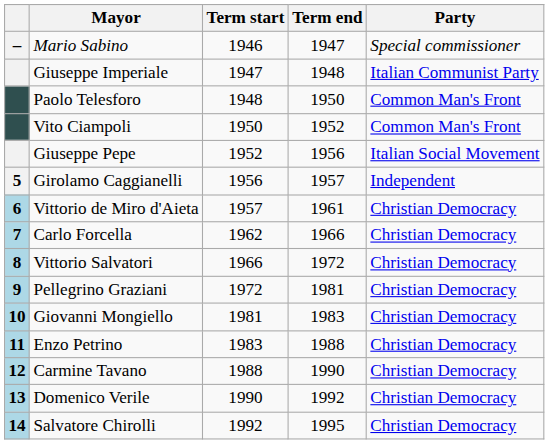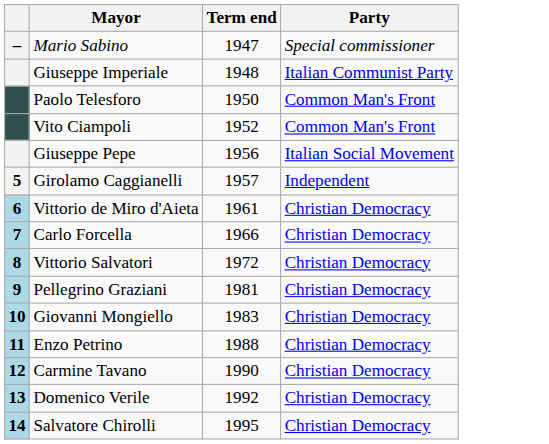 <table class="wikitable">
 <tr>
 <th class=unsortable> </th>
 <th>Mayor</th>
-<th>Term start</th>
 <th>Term end</th>
 <th>Party</th>
 </tr>
 <tr>
 <th style="background:">–</th>
 <td><em>Mario Sabino</em></td>
-<td align=center>1946</td>
 <td align=center>1947</td>
 <td><em>Special commissioner</em></td>
 </tr>
 <tr>
 <th style="background:"></th>
 <td>Giuseppe Imperiale</td>
-<td align=center>1947</td>
 <td align=center>1948</td>
 <td><a href='#'>Italian Communist Party</a></td>
 </tr>
 <tr>
 <th style="background:#2F4F4F;"></th>
 <td>Paolo Telesforo</td>
-<td align=center>1948</td>
 <td align=center>1950</td>
 <td><a href='#'>Common Man's Front</a></td>
 </tr>
 <tr>
 <th style="background:#2F4F4F;"></th>
 <td>Vito Ciampoli</td>
-<td align=center>1950</td>
 <td align=center>1952</td>
 <td><a href='#'>Common Man's Front</a></td>
 </tr>
 <tr>
 <th style="background:"></th>
 <td>Giuseppe Pepe</td>
-<td align=center>1952</td>
 <td align=center>1956</td>
 <td><a href='#'>Italian Social Movement</a></td>
 </tr>
 <tr>
 <th style="background:">5</th>
 <td>Girolamo Caggianelli</td>
-<td align=center>1956</td>
 <td align=center>1957</td>
 <td><a href='#'>Independent</a></td>
 </tr>
 <tr>
 <th style="background:#ADD8E6;">6</th>
 <td>Vittorio de Miro d'Aieta</td>
-<td align=center>1957</td>
 <td align=center>1961</td>
 <td><a href='#'>Christian Democracy</a></td>
 </tr>
 <tr>
 <th style="background:#ADD8E6;">7</th>
 <td>Carlo Forcella</td>
-<td align=center>1962</td>
 <td align=center>1966</td>
 <td><a href='#'>Christian Democracy</a></td>
 </tr>
 <tr>
 <th style="background:#ADD8E6;">8</th>
 <td>Vittorio Salvatori</td>
-<td align=center>1966</td>
 <td align=center>1972</td>
 <td><a href='#'>Christian Democracy</a></td>
 </tr>
 <tr>
 <th style="background:#ADD8E6;">9</th>
 <td>Pellegrino Graziani</td>
-<td align=center>1972</td>
 <td align=center>1981</td>
 <td><a href='#'>Christian Democracy</a></td>
 </tr>
 <tr>
 <th style="background:#ADD8E6;">10</th>
 <td>Giovanni Mongiello</td>
-<td align=center>1981</td>
 <td align=center>1983</td>
 <td><a href='#'>Christian Democracy</a></td>
 </tr>
 <tr>
 <th style="background:#ADD8E6;">11</th>
 <td>Enzo Petrino</td>
-<td align=center>1983</td>
 <td align=center>1988</td>
 <td><a href='#'>Christian Democracy</a></td>
 </tr>
 <tr>
 <th style="background:#ADD8E6;">12</th>
 <td>Carmine Tavano</td>
-<td align=center>1988</td>
 <td align=center>1990</td>
 <td><a href='#'>Christian Democracy</a></td>
 </tr>
 <tr>
 <th style="background:#ADD8E6;">13</th>
 <td>Domenico Verile</td>
-<td align=center>1990</td>
 <td align=center>1992</td>
 <td><a href='#'>Christian Democracy</a></td>
 </tr>
 <tr>
 <th style="background:#ADD8E6;">14</th>
 <td>Salvatore Chirolli</td>
-<td align=center>1992</td>
 <td align=center>1995</td>
 <td><a href='#'>Christian Democracy</a></td>
 </tr>
 </table>
